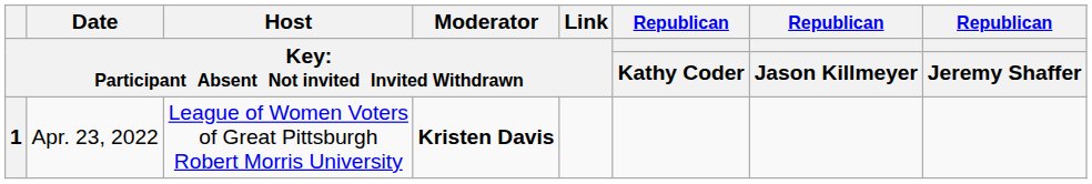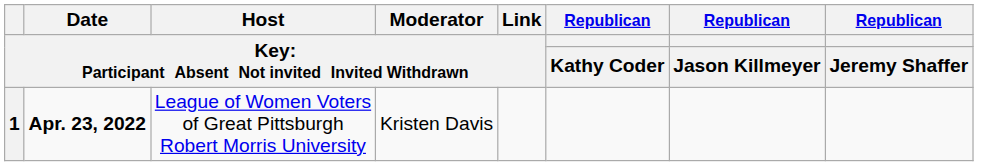 <table class="wikitable" style="text-align:center;">
 <tr>
 <th scope="col"></th>
 <th scope="col">Date</th>
 <th scope="col">Host</th>
 <th scope="col">Moderator</th>
 <th scope="col">Link</th>
 <th scope="col"><small><a href='#'>Republican</a></small></th>
 <th scope="col"><small><a href='#'>Republican</a></small></th>
 <th scope="col"><small><a href='#'>Republican</a></small></th>
 </tr>
 <tr>
 <th colspan="5" rowspan="2">Key:<br> <small>Participant </small>  <small>Absent </small>  <small>Not invited </small>  <small>Invited  Withdrawn</small></th>
 <th scope="col" style="background:"></th>
 <th scope="col" style="background:"></th>
 <th scope="col" style="background:"></th>
 </tr>
 <tr>
 <th scope="col">Kathy Coder</th>
 <th scope="col">Jason Killmeyer</th>
 <th scope="col">Jeremy Shaffer</th>
 </tr>
 <tr>
 <th>1</th>
-<td style="white-space:nowrap;">Apr. 23, 2022</td>
+<td style="white-space:nowrap;"><strong>Apr. 23, 2022</strong></td>
 <td style="white-space:nowrap;"><a href='#'>League of Women Voters</a><br>of Great Pittsburgh<br><a href='#'>Robert Morris University</a></td>
-<td style="white-space:nowrap;"><strong>Kristen Davis</strong></td>
+<td style="white-space:nowrap;">Kristen Davis</td>
 <td style="white-space:nowrap;"></td>
 <td></td>
 <td></td>
 <td></td>
 </tr>
 </table>
